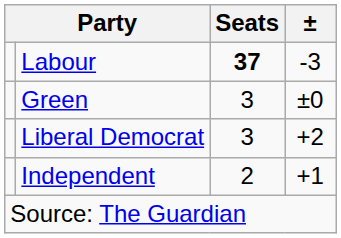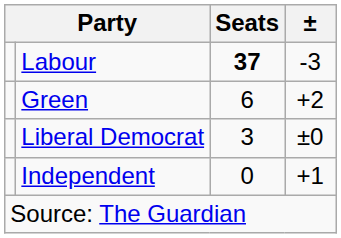 <table class="sortable wikitable">
 <tr>
 <th colspan="2">Party</th>
 <th>Seats</th>
 <th>  ±  </th>
 </tr>
 <tr>
 <td style="background-color: "></td>
 <td><a href='#'>Labour</a></td>
 <td align="center"><strong>37</strong></td>
 <td align="center">-3</td>
 </tr>
 <tr>
 <td style="background-color: "></td>
 <td><a href='#'>Green</a></td>
+<td align="center">6</td>
+<td align="center">+2</td>
+</tr>
+<tr>
+<td style="background-color: "></td>
+<td><a href='#'>Liberal Democrat</a></td>
 <td align="center">3</td>
 <td align="center">±0</td>
 </tr>
 <tr>
 <td style="background-color: "></td>
-<td><a href='#'>Liberal Democrat</a></td>
-<td align="center">3</td>
-<td align="center">+2</td>
-</tr>
-<tr>
-<td style="background-color: "></td>
 <td><a href='#'>Independent</a></td>
-<td align="center">2</td>
+<td align="center">0</td>
 <td align="center">+1</td>
 </tr>
 <tr>
 <td colspan=4>Source: <a href='#'>The Guardian</a></td>
 </tr>
 </table>
